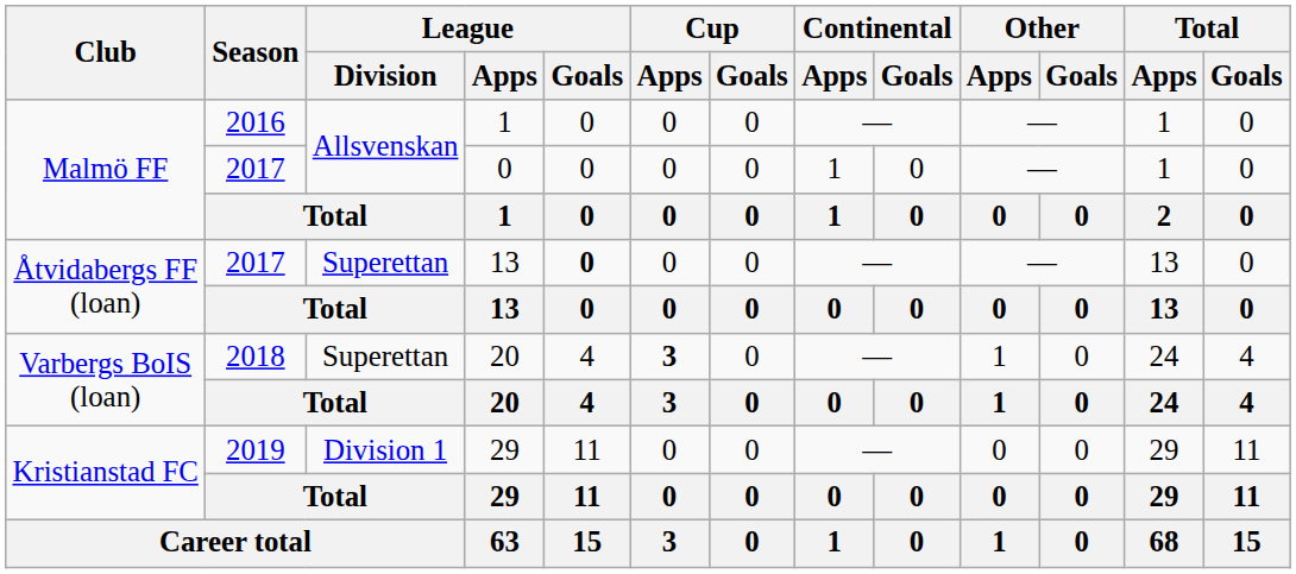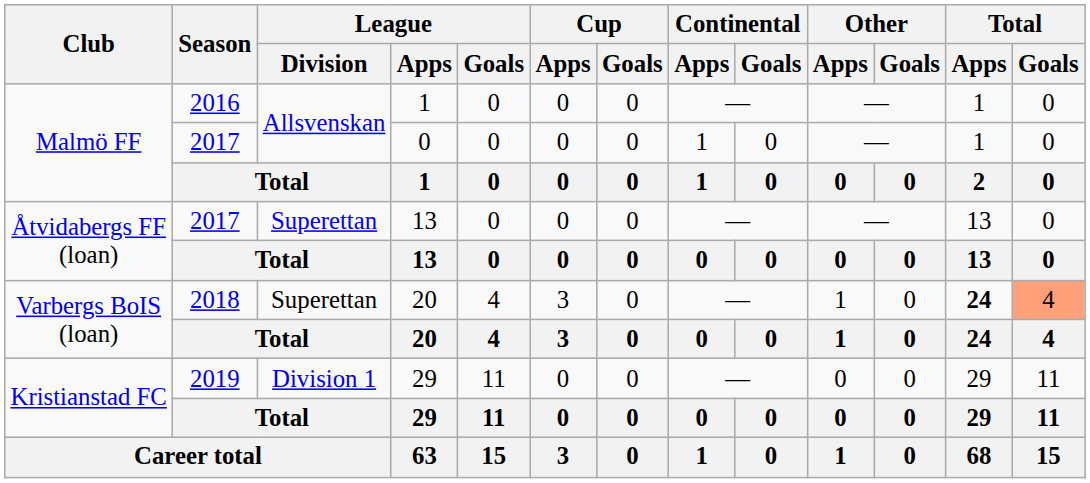 <table class="wikitable" style="text-align:center;">
 <tr>
 <th rowspan="2">Club</th>
 <th rowspan="2">Season</th>
 <th colspan="3">League</th>
 <th colspan="2">Cup</th>
 <th colspan="2">Continental</th>
 <th colspan="2">Other</th>
 <th colspan="2">Total</th>
 </tr>
 <tr>
 <th>Division</th>
 <th>Apps</th>
 <th>Goals</th>
 <th>Apps</th>
 <th>Goals</th>
 <th>Apps</th>
 <th>Goals</th>
 <th>Apps</th>
 <th>Goals</th>
 <th>Apps</th>
 <th>Goals</th>
 </tr>
 <tr>
 <td rowspan="3"><a href='#'>Malmö FF</a></td>
 <td><a href='#'>2016</a></td>
 <td rowspan="2"><a href='#'>Allsvenskan</a></td>
 <td>1</td>
 <td>0</td>
 <td>0</td>
 <td>0</td>
 <td colspan="2">—</td>
 <td colspan="2">—</td>
 <td>1</td>
 <td>0</td>
 </tr>
 <tr>
 <td><a href='#'>2017</a></td>
 <td>0</td>
 <td>0</td>
 <td>0</td>
 <td>0</td>
 <td>1</td>
 <td>0</td>
 <td colspan="2">—</td>
 <td>1</td>
 <td>0</td>
 </tr>
 <tr>
 <th colspan="2">Total</th>
 <th>1</th>
 <th>0</th>
 <th>0</th>
 <th>0</th>
 <th>1</th>
 <th>0</th>
 <th>0</th>
 <th>0</th>
 <th>2</th>
 <th>0</th>
 </tr>
 <tr>
 <td rowspan="2"><a href='#'>Åtvidabergs FF</a><br>(loan)</td>
 <td><a href='#'>2017</a></td>
 <td><a href='#'>Superettan</a></td>
 <td>13</td>
-<td><strong>0</strong></td>
+<td>0</td>
 <td>0</td>
 <td>0</td>
 <td colspan="2">—</td>
 <td colspan="2">—</td>
 <td>13</td>
 <td>0</td>
 </tr>
 <tr>
 <th colspan="2">Total</th>
 <th>13</th>
 <th>0</th>
 <th>0</th>
 <th>0</th>
 <th>0</th>
 <th>0</th>
 <th>0</th>
 <th>0</th>
 <th>13</th>
 <th>0</th>
 </tr>
 <tr>
 <td rowspan="2"><a href='#'>Varbergs BoIS</a><br>(loan)</td>
 <td><a href='#'>2018</a></td>
 <td>Superettan</td>
 <td>20</td>
 <td>4</td>
-<td><strong>3</strong></td>
+<td>3</td>
 <td>0</td>
 <td colspan="2">—</td>
 <td>1</td>
 <td>0</td>
-<td>24</td>
-<td>4</td>
+<td><strong>24</strong></td>
+<td style="background: lightsalmon;">4</td>
 </tr>
 <tr>
 <th colspan="2">Total</th>
 <th>20</th>
 <th>4</th>
 <th>3</th>
 <th>0</th>
 <th>0</th>
 <th>0</th>
 <th>1</th>
 <th>0</th>
 <th>24</th>
 <th>4</th>
 </tr>
 <tr>
 <td rowspan="2"><a href='#'>Kristianstad FC</a></td>
 <td><a href='#'>2019</a></td>
 <td><a href='#'>Division 1</a></td>
 <td>29</td>
 <td>11</td>
 <td>0</td>
 <td>0</td>
 <td colspan="2">—</td>
 <td>0</td>
 <td>0</td>
 <td>29</td>
 <td>11</td>
 </tr>
 <tr>
 <th colspan="2">Total</th>
 <th>29</th>
 <th>11</th>
 <th>0</th>
 <th>0</th>
 <th>0</th>
 <th>0</th>
 <th>0</th>
 <th>0</th>
 <th>29</th>
 <th>11</th>
 </tr>
 <tr>
 <th colspan="3">Career total</th>
 <th>63</th>
 <th>15</th>
 <th>3</th>
 <th>0</th>
 <th>1</th>
 <th>0</th>
 <th>1</th>
 <th>0</th>
 <th>68</th>
 <th>15</th>
 </tr>
 </table>
